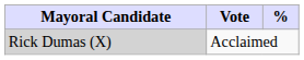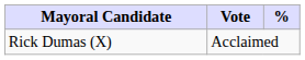 <table class="wikitable">
 <tr>
 <th style="background:#ddf; width:200px;">Mayoral Candidate</th>
 <th style="background:#ddf; width:50px;">Vote</th>
 <th style="background:#ddf; width:30px;">%</th>
 </tr>
 <tr>
-<td style="background: lightgrey;">Rick Dumas (X)</td>
+<td>Rick Dumas (X)</td>
 <td colspan="2">Acclaimed</td>
 </tr>
 </table>
